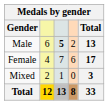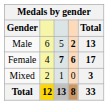 <table class="wikitable" style="font-size:85%">
 <tr style="background:#efefef;">
 <th colspan=6>Medals by gender</th>
 </tr>
 <tr align=center>
 <th>Gender</th>
 <td bgcolor=F7F6A8></td>
 <td bgcolor=DCE5E5></td>
 <td bgcolor=FFDAB9></td>
 <th>Total</th>
 </tr>
 <tr align=center>
 <td>Male</td>
 <td bgcolor=F7F6A8>6</td>
-<td bgcolor=DCE5E5><strong>5</strong></td>
-<td bgcolor=FFDAB9>2</td>
+<td bgcolor=DCE5E5>5</td>
+<td bgcolor=FFDAB9><strong>2</strong></td>
 <th>13</th>
 </tr>
 <tr align=center>
 <td>Female</td>
 <td bgcolor=F7F6A8>4</td>
-<td bgcolor=DCE5E5>7</td>
-<td bgcolor=FFDAB9>6</td>
+<td bgcolor=DCE5E5><strong>7</strong></td>
+<td bgcolor=FFDAB9><strong>6</strong></td>
 <th>17</th>
 </tr>
 <tr align=center>
 <td>Mixed</td>
 <td bgcolor=F7F6A8>2</td>
 <td bgcolor=DCE5E5>1</td>
 <td bgcolor=FFDAB9>0</td>
 <th>3</th>
 </tr>
 <tr align=center>
 <th>Total</th>
 <th style=background:gold>12</th>
 <th style=background:silver>13</th>
 <th style=background:#c96>8</th>
 <th>33</th>
 </tr>
 </table>
